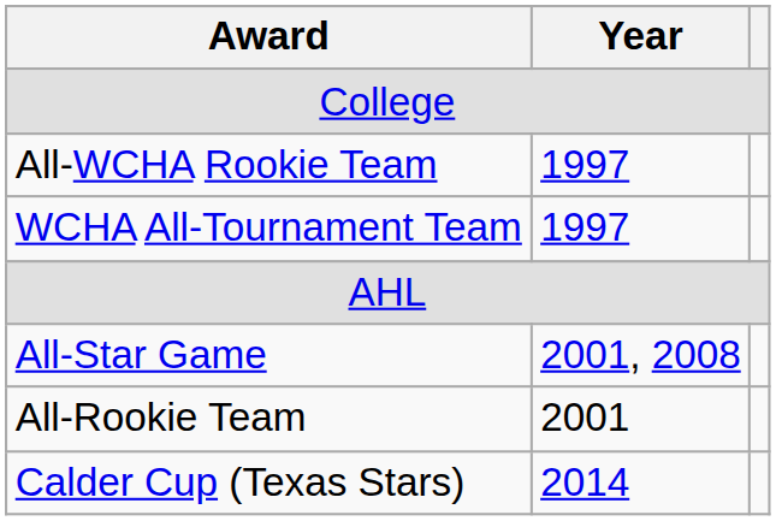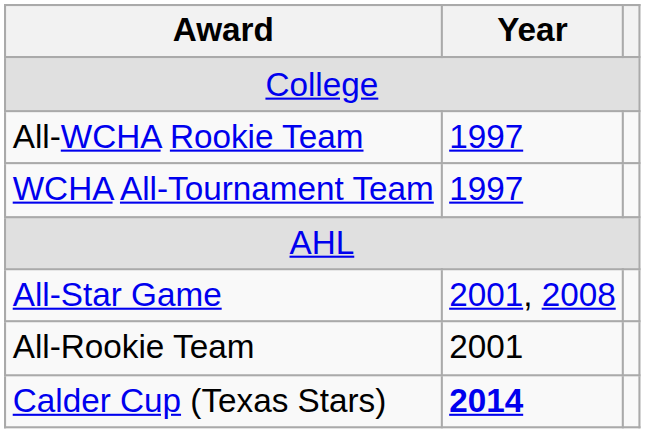 <table class="wikitable">
 <tr>
 <th>Award</th>
 <th>Year</th>
 <th></th>
 </tr>
 <tr ALIGN="center" bgcolor="#e0e0e0">
 <td colspan="3"><a href='#'>College</a></td>
 </tr>
 <tr>
 <td>All-<a href='#'>WCHA</a> <a href='#'>Rookie Team</a></td>
 <td><a href='#'>1997</a></td>
 <td></td>
 </tr>
 <tr>
 <td><a href='#'>WCHA</a> <a href='#'>All-Tournament Team</a></td>
 <td><a href='#'>1997</a></td>
 <td></td>
 </tr>
 <tr ALIGN="center" bgcolor="#e0e0e0">
 <td colspan="3"><a href='#'>AHL</a></td>
 </tr>
 <tr>
 <td><a href='#'>All-Star Game</a></td>
 <td><a href='#'>2001</a>, <a href='#'>2008</a></td>
 <td></td>
 </tr>
 <tr>
 <td>All-Rookie Team</td>
 <td>2001</td>
 <td></td>
 </tr>
 <tr>
 <td><a href='#'>Calder Cup</a> (Texas Stars)</td>
-<td><a href='#'>2014</a></td>
+<td><strong><a href='#'>2014</a></strong></td>
 <td></td>
 </tr>
 </table>
